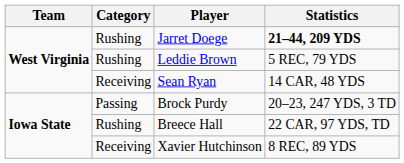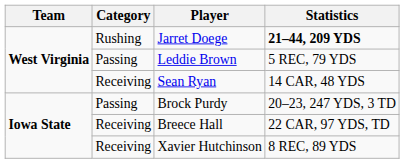 <table class="wikitable" style="float: right;">
 <tr>
 <th>Team</th>
 <th>Category</th>
 <th>Player</th>
 <th>Statistics</th>
 </tr>
 <tr>
 <td rowspan=3><strong>West Virginia</strong></td>
 <td>Rushing</td>
 <td><a href='#'>Jarret Doege</a></td>
 <td><strong>21–44, 209 YDS</strong></td>
 </tr>
 <tr>
-<td>Rushing</td>
+<td>Passing</td>
 <td><a href='#'>Leddie Brown</a></td>
 <td>5 REC, 79 YDS</td>
 </tr>
 <tr>
 <td>Receiving</td>
 <td><a href='#'>Sean Ryan</a></td>
 <td>14 CAR, 48 YDS</td>
 </tr>
 <tr>
 <td rowspan=3><strong>Iowa State</strong></td>
 <td>Passing</td>
 <td>Brock Purdy</td>
 <td>20–23, 247 YDS, 3 TD</td>
 </tr>
 <tr>
-<td>Rushing</td>
+<td>Receiving</td>
 <td>Breece Hall</td>
 <td>22 CAR, 97 YDS, TD</td>
 </tr>
 <tr>
 <td>Receiving</td>
 <td>Xavier Hutchinson</td>
 <td>8 REC, 89 YDS</td>
 </tr>
 </table>
